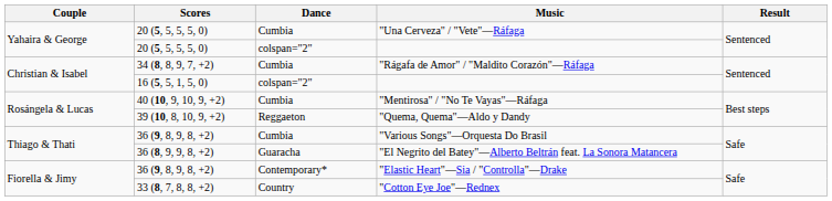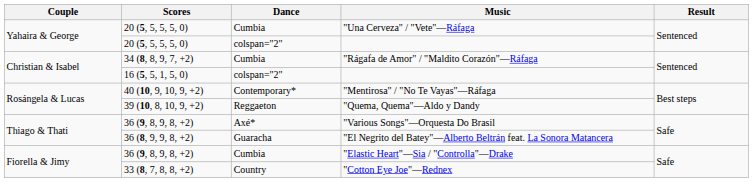 <table class="wikitable sortable" style="width:95%; white-space:nowrap">
 <tr>
 <th style="width:15%;">Couple</th>
 <th style="width:14%;">Scores</th>
 <th style="width:14%;">Dance</th>
 <th style="width:40%;">Music</th>
 <th style="width:12%;">Result</th>
 </tr>
 <tr>
 <td rowspan="2">Yahaira & George</td>
 <td>20 (<strong>5</strong>, 5, 5, 5, 0)</td>
 <td>Cumbia</td>
 <td>"Una Cerveza" / "Vete"—<a href='#'>Ráfaga</a></td>
 <td rowspan="2">Sentenced</td>
 </tr>
 <tr>
 <td>20 (<strong>5</strong>, 5, 5, 5, 0)</td>
 <td>colspan="2" </td>
 </tr>
 <tr>
 <td rowspan="2">Christian & Isabel</td>
 <td>34 (<strong>8</strong>, 8, 9, 7, +2)</td>
 <td>Cumbia</td>
 <td>"Rágafa de Amor" / "Maldito Corazón"—<a href='#'>Ráfaga</a></td>
 <td rowspan="2">Sentenced</td>
 </tr>
 <tr>
 <td>16 (<strong>5</strong>, 5, 1, 5, 0)</td>
 <td>colspan="2" </td>
 </tr>
 <tr>
 <td rowspan="2">Rosángela & Lucas</td>
 <td>40 (<strong>10</strong>, 9, 10, 9, +2)</td>
-<td>Cumbia</td>
+<td>Contemporary*</td>
 <td>"Mentirosa" / "No Te Vayas"—Ráfaga</td>
 <td rowspan="2">Best steps</td>
 </tr>
 <tr>
 <td>39 (<strong>10</strong>, 8, 10, 9, +2)</td>
 <td>Reggaeton</td>
 <td>"Quema, Quema"—Aldo y Dandy</td>
 </tr>
 <tr>
 <td rowspan="2">Thiago & Thati</td>
 <td>36 (<strong>9</strong>, 8, 9, 8, +2)</td>
-<td>Cumbia</td>
+<td>Axé*</td>
 <td>"Various Songs"—Orquesta Do Brasil</td>
 <td rowspan="2">Safe</td>
 </tr>
 <tr>
 <td>36 (<strong>8</strong>, 9, 9, 8, +2)</td>
 <td>Guaracha</td>
 <td>"El Negrito del Batey"—<a href='#'>Alberto Beltrán</a> feat. <a href='#'>La Sonora Matancera</a></td>
 </tr>
 <tr>
 <td rowspan="2">Fiorella & Jimy</td>
 <td>36 (<strong>9</strong>, 8, 9, 8, +2)</td>
-<td>Contemporary*</td>
+<td>Cumbia</td>
 <td>"<a href='#'>Elastic Heart</a>"—<a href='#'>Sia</a> / "<a href='#'>Controlla</a>"—<a href='#'>Drake</a></td>
 <td rowspan="2">Safe</td>
 </tr>
 <tr>
 <td>33 (<strong>8</strong>, 7, 8, 8, +2)</td>
 <td>Country</td>
 <td>"<a href='#'>Cotton Eye Joe</a>"—<a href='#'>Rednex</a></td>
 </tr>
 </table>
